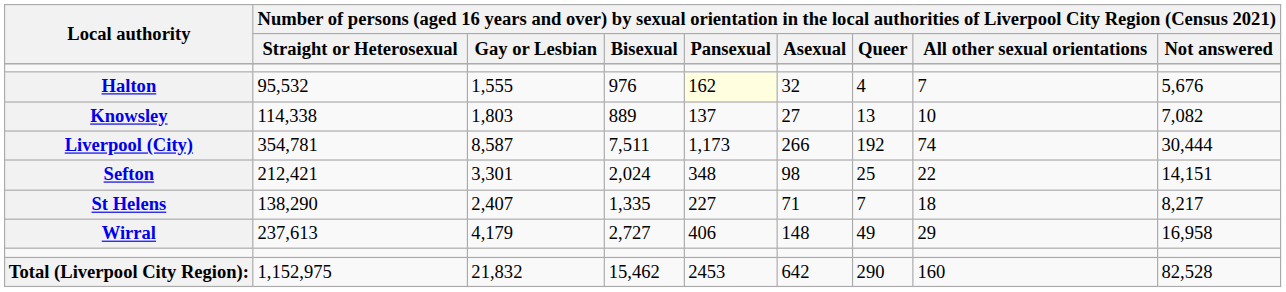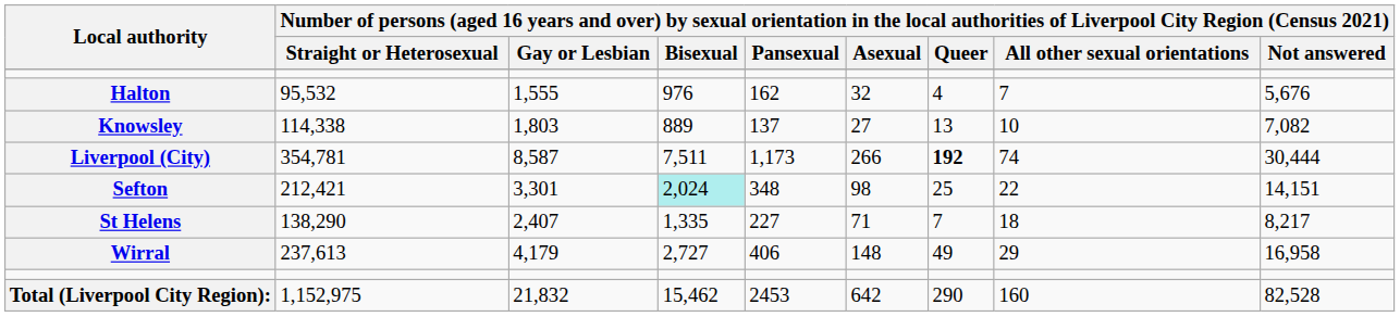 <table class="wikitable sortable">
 <tr>
 <th rowspan="2">Local authority</th>
 <th colspan="9">Number of persons (aged 16 years and over) by sexual orientation in the local authorities of Liverpool City Region (Census 2021)</th>
 </tr>
 <tr>
 <th colspan="1">Straight or Heterosexual</th>
 <th colspan="1">Gay or Lesbian</th>
 <th colspan="1">Bisexual</th>
 <th colspan="1">Pansexual</th>
 <th colspan="1">Asexual</th>
 <th colspan="1">Queer</th>
 <th colspan="1">All other sexual orientations</th>
 <th colspan="1">Not answered</th>
 </tr>
 <tr>
 </tr>
 <tr>
 <td></td>
 <td></td>
 <td></td>
 <td></td>
 <td></td>
 <td></td>
 <td></td>
 <td></td>
 <td></td>
 </tr>
 <tr>
 <th><a href='#'>Halton</a></th>
 <td>95,532</td>
 <td>1,555</td>
 <td>976</td>
-<td style="background: lightyellow;">162</td>
+<td>162</td>
 <td>32</td>
 <td>4</td>
 <td>7</td>
 <td>5,676</td>
 </tr>
 <tr>
 <th><a href='#'>Knowsley</a></th>
 <td>114,338</td>
 <td>1,803</td>
 <td>889</td>
 <td>137</td>
 <td>27</td>
 <td>13</td>
 <td>10</td>
 <td>7,082</td>
 </tr>
 <tr>
 <th><a href='#'>Liverpool (City)</a></th>
 <td>354,781</td>
 <td>8,587</td>
 <td>7,511</td>
 <td>1,173</td>
 <td>266</td>
-<td>192</td>
+<td><strong>192</strong></td>
 <td>74</td>
 <td>30,444</td>
 </tr>
 <tr>
 <th><a href='#'>Sefton</a></th>
 <td>212,421</td>
 <td>3,301</td>
-<td>2,024</td>
+<td style="background: paleturquoise;">2,024</td>
 <td>348</td>
 <td>98</td>
 <td>25</td>
 <td>22</td>
 <td>14,151</td>
 </tr>
 <tr>
 <th><a href='#'>St Helens</a></th>
 <td>138,290</td>
 <td>2,407</td>
 <td>1,335</td>
 <td>227</td>
 <td>71</td>
 <td>7</td>
 <td>18</td>
 <td>8,217</td>
 </tr>
 <tr>
 <th><a href='#'>Wirral</a></th>
 <td>237,613</td>
 <td>4,179</td>
 <td>2,727</td>
 <td>406</td>
 <td>148</td>
 <td>49</td>
 <td>29</td>
 <td>16,958</td>
 </tr>
 <tr>
 <td></td>
 <td></td>
 <td></td>
 <td></td>
 <td></td>
 <td></td>
 <td></td>
 <td></td>
 <td></td>
 </tr>
 <tr>
 <th>Total (Liverpool City Region):</th>
 <td>1,152,975</td>
 <td>21,832</td>
 <td>15,462</td>
 <td>2453</td>
 <td>642</td>
 <td>290</td>
 <td>160</td>
 <td>82,528</td>
 </tr>
 </table>
